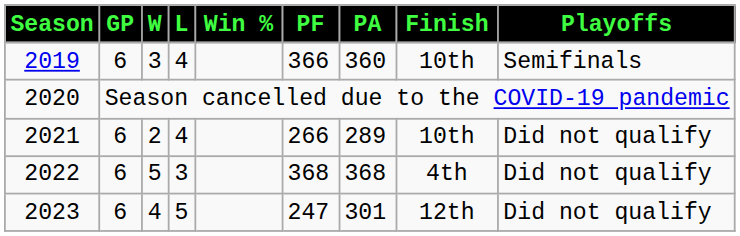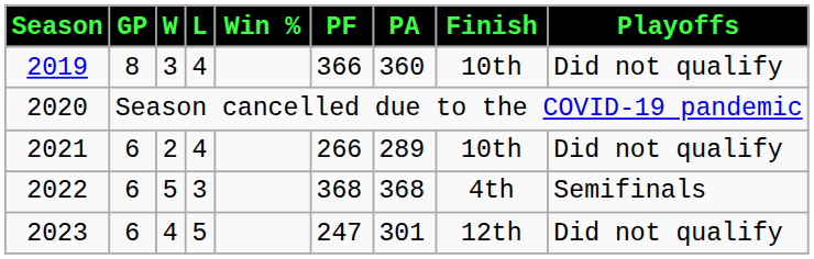 <table class="wikitable">
 <tr>
 <th style="background:#000000; color:#3FFE41;">Season</th>
 <th style="background:#000000; color:#3FFE41;">GP</th>
 <th style="background:#000000; color:#3FFE41;">W</th>
 <th style="background:#000000; color:#3FFE41;">L</th>
 <th style="background:#000000; color:#3FFE41;">Win %</th>
 <th style="background:#000000; color:#3FFE41;">PF</th>
 <th style="background:#000000; color:#3FFE41;">PA</th>
 <th style="background:#000000; color:#3FFE41;">Finish</th>
 <th style="background:#000000; color:#3FFE41;">Playoffs</th>
 </tr>
 <tr>
 <td align=center><a href='#'>2019</a></td>
-<td align=center>6</td>
+<td align=center>8</td>
 <td align=center>3</td>
 <td align=center>4</td>
 <td align=center></td>
 <td>366</td>
 <td>360</td>
 <td align=center>10th</td>
-<td>Semifinals</td>
+<td>Did not qualify</td>
 </tr>
 <tr>
 <td align=center>2020</td>
 <td colspan="8" align=center>Season cancelled due to the <a href='#'>COVID-19 pandemic</a></td>
 </tr>
 <tr>
 <td align=center>2021</td>
 <td align=center>6</td>
 <td align=center>2</td>
 <td align=center>4</td>
 <td align=center></td>
 <td>266</td>
 <td>289</td>
 <td align=center>10th</td>
 <td>Did not qualify</td>
 </tr>
 <tr>
 <td align=center>2022</td>
 <td align=center>6</td>
 <td align=center>5</td>
 <td align=center>3</td>
 <td align=center></td>
 <td>368</td>
 <td>368</td>
 <td align=center>4th</td>
-<td>Did not qualify</td>
+<td>Semifinals</td>
 </tr>
 <tr>
 <td align=center>2023</td>
 <td align=center>6</td>
 <td align=center>4</td>
 <td align=center>5</td>
 <td align=center></td>
 <td>247</td>
 <td>301</td>
 <td align=center>12th</td>
 <td>Did not qualify</td>
 </tr>
 </table>
